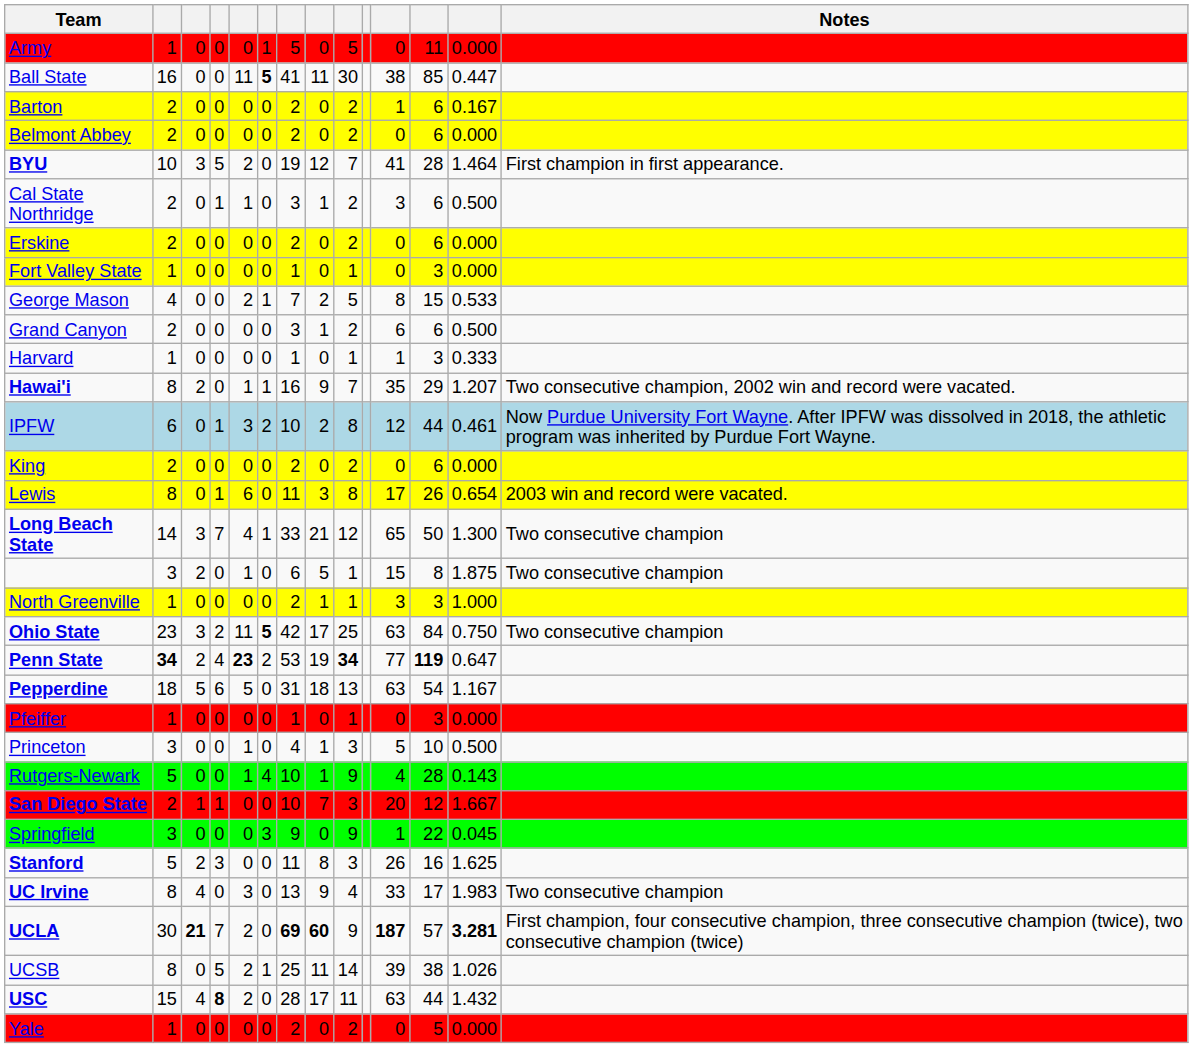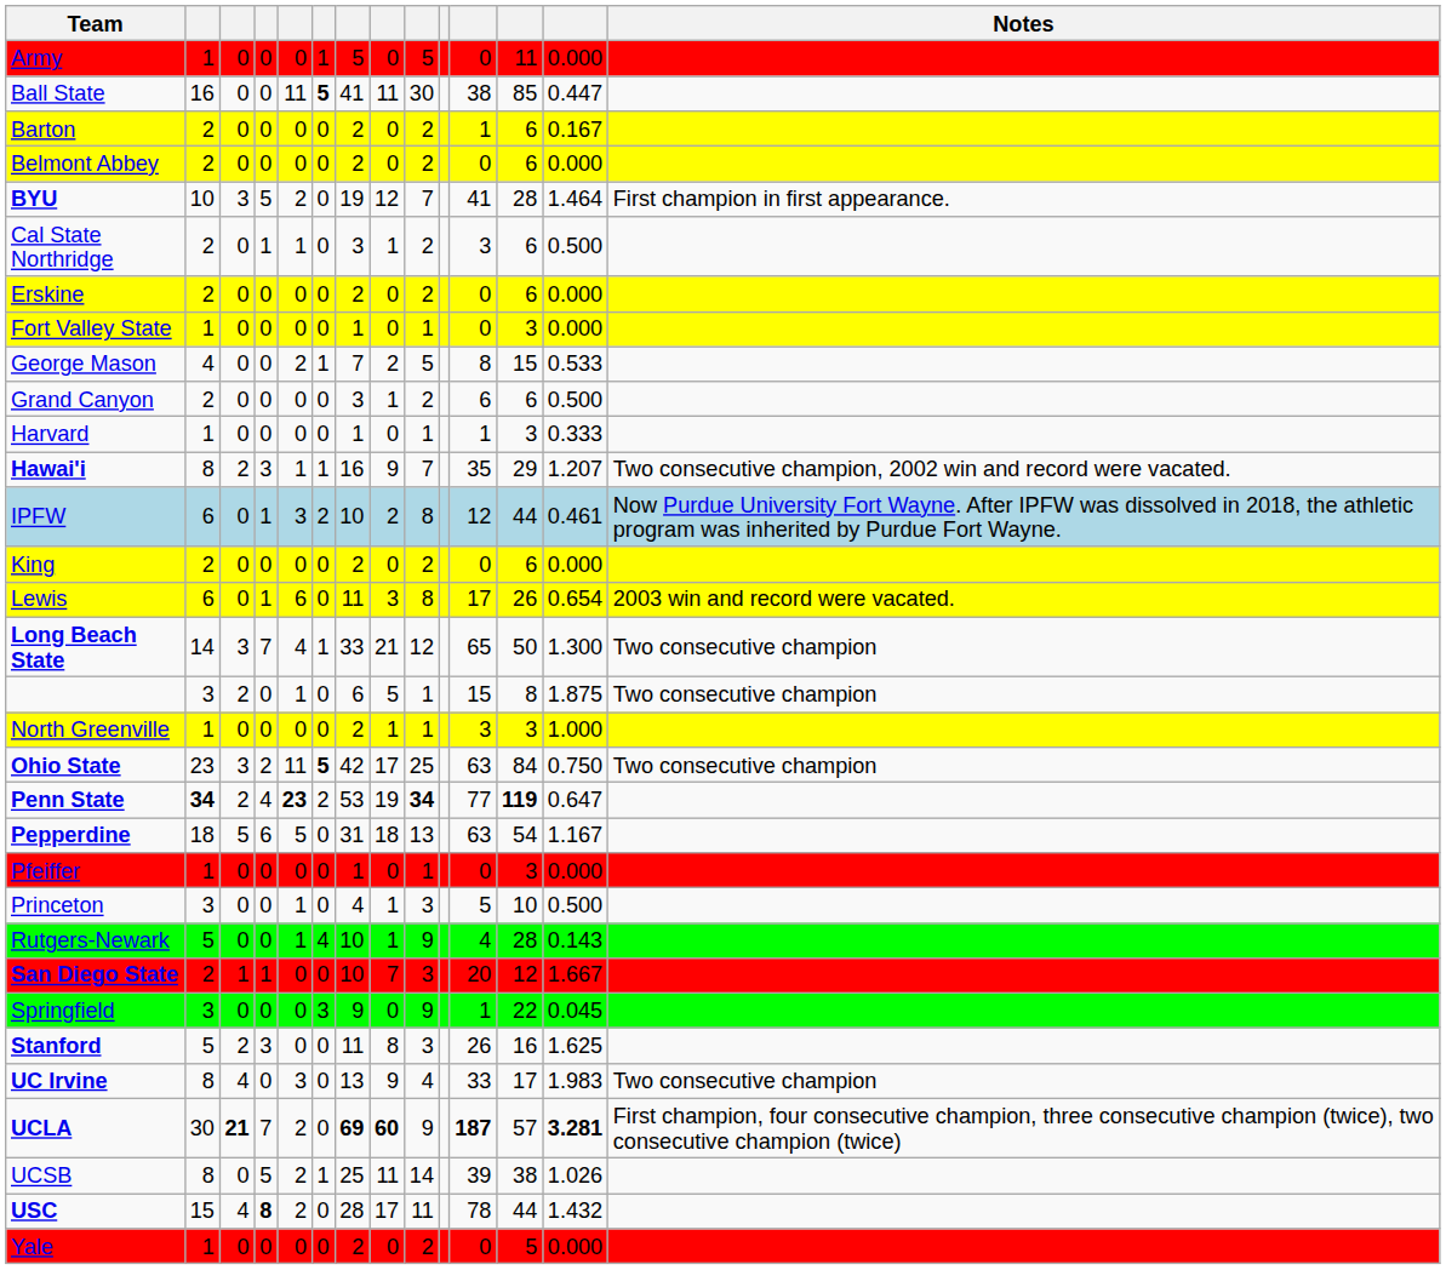 <table class="sortable wikitable" style="font-size: smaller; text-align:right">
 <tr>
 <th class="unsortable">Team</th>
 <th></th>
 <th></th>
 <th></th>
 <th></th>
 <th></th>
 <th></th>
 <th></th>
 <th></th>
 <th></th>
 <th></th>
 <th></th>
 <th></th>
 <th>Notes</th>
 </tr>
 <tr style="background:#FF0000">
 <td align="left"><a href='#'>Army</a></td>
 <td>1</td>
 <td>0</td>
 <td>0</td>
 <td>0</td>
 <td>1</td>
 <td>5</td>
 <td>0</td>
 <td>5</td>
 <td></td>
 <td>0</td>
 <td>11</td>
 <td>0.000</td>
 <td style="text-align:left"></td>
 </tr>
 <tr style="background:">
 <td align="left"><a href='#'>Ball State</a></td>
 <td>16</td>
 <td>0</td>
 <td>0</td>
 <td>11</td>
 <td><strong>5</strong></td>
 <td>41</td>
 <td>11</td>
 <td>30</td>
 <td></td>
 <td>38</td>
 <td>85</td>
 <td>0.447</td>
 <td style="text-align:left"></td>
 </tr>
 <tr style="background:#FFFF00">
 <td align="left"><a href='#'>Barton</a></td>
 <td>2</td>
 <td>0</td>
 <td>0</td>
 <td>0</td>
 <td>0</td>
 <td>2</td>
 <td>0</td>
 <td>2</td>
 <td></td>
 <td>1</td>
 <td>6</td>
 <td>0.167</td>
 <td style="text-align:left"></td>
 </tr>
 <tr style="background:#FFFF00">
 <td align="left"><a href='#'>Belmont Abbey</a></td>
 <td>2</td>
 <td>0</td>
 <td>0</td>
 <td>0</td>
 <td>0</td>
 <td>2</td>
 <td>0</td>
 <td>2</td>
 <td></td>
 <td>0</td>
 <td>6</td>
 <td>0.000</td>
 <td style="text-align:left"></td>
 </tr>
 <tr style="background:">
 <td align="left"><strong><a href='#'>BYU</a></strong></td>
 <td>10</td>
 <td>3</td>
 <td>5</td>
 <td>2</td>
 <td>0</td>
 <td>19</td>
 <td>12</td>
 <td>7</td>
 <td></td>
 <td>41</td>
 <td>28</td>
 <td>1.464</td>
 <td style="text-align:left">First champion in first appearance.</td>
 </tr>
 <tr style="background:">
 <td align="left"><a href='#'>Cal State Northridge</a></td>
 <td>2</td>
 <td>0</td>
 <td>1</td>
 <td>1</td>
 <td>0</td>
 <td>3</td>
 <td>1</td>
 <td>2</td>
 <td></td>
 <td>3</td>
 <td>6</td>
 <td>0.500</td>
 <td style="text-align:left"></td>
 </tr>
 <tr style="background:#FFFF00">
 <td align="left"><a href='#'>Erskine</a></td>
 <td>2</td>
 <td>0</td>
 <td>0</td>
 <td>0</td>
 <td>0</td>
 <td>2</td>
 <td>0</td>
 <td>2</td>
 <td></td>
 <td>0</td>
 <td>6</td>
 <td>0.000</td>
 <td style="text-align:left"></td>
 </tr>
 <tr style="background:#FFFF00">
 <td align="left"><a href='#'>Fort Valley State</a></td>
 <td>1</td>
 <td>0</td>
 <td>0</td>
 <td>0</td>
 <td>0</td>
 <td>1</td>
 <td>0</td>
 <td>1</td>
 <td></td>
 <td>0</td>
 <td>3</td>
 <td>0.000</td>
 <td style="text-align:left"></td>
 </tr>
 <tr style="background:">
 <td align="left"><a href='#'>George Mason</a></td>
 <td>4</td>
 <td>0</td>
 <td>0</td>
 <td>2</td>
 <td>1</td>
 <td>7</td>
 <td>2</td>
 <td>5</td>
 <td></td>
 <td>8</td>
 <td>15</td>
 <td>0.533</td>
 <td style="text-align:left"></td>
 </tr>
 <tr style="background:">
 <td align="left"><a href='#'>Grand Canyon</a></td>
 <td>2</td>
 <td>0</td>
 <td>0</td>
 <td>0</td>
 <td>0</td>
 <td>3</td>
 <td>1</td>
 <td>2</td>
 <td></td>
 <td>6</td>
 <td>6</td>
 <td>0.500</td>
 <td style="text-align:left"></td>
 </tr>
 <tr style="background:">
 <td align="left"><a href='#'>Harvard</a></td>
 <td>1</td>
 <td>0</td>
 <td>0</td>
 <td>0</td>
 <td>0</td>
 <td>1</td>
 <td>0</td>
 <td>1</td>
 <td></td>
 <td>1</td>
 <td>3</td>
 <td>0.333</td>
 <td style="text-align:left"></td>
 </tr>
 <tr style="background:">
 <td align="left"><strong><a href='#'>Hawai'i</a></strong></td>
 <td>8</td>
 <td>2</td>
-<td>0</td>
+<td>3</td>
 <td>1</td>
 <td>1</td>
 <td>16</td>
 <td>9</td>
 <td>7</td>
 <td></td>
 <td>35</td>
 <td>29</td>
 <td>1.207</td>
 <td style="text-align:left">Two consecutive champion, 2002 win and record were vacated.</td>
 </tr>
 <tr bgcolor=lightblue>
 <td align="left"><a href='#'>IPFW</a></td>
 <td>6</td>
 <td>0</td>
 <td>1</td>
 <td>3</td>
 <td>2</td>
 <td>10</td>
 <td>2</td>
 <td>8</td>
 <td></td>
 <td>12</td>
 <td>44</td>
 <td>0.461</td>
 <td style="text-align:left">Now <a href='#'>Purdue University Fort Wayne</a>. After IPFW was dissolved in 2018, the athletic program was inherited by Purdue Fort Wayne.</td>
 </tr>
 <tr style="background:#FFFF00">
 <td align="left"><a href='#'>King</a></td>
 <td>2</td>
 <td>0</td>
 <td>0</td>
 <td>0</td>
 <td>0</td>
 <td>2</td>
 <td>0</td>
 <td>2</td>
 <td></td>
 <td>0</td>
 <td>6</td>
 <td>0.000</td>
 <td style="text-align:left"></td>
 </tr>
 <tr style="background:#FFFF00">
 <td align="left"><a href='#'>Lewis</a></td>
-<td>8</td>
+<td>6</td>
 <td>0</td>
 <td>1</td>
 <td>6</td>
 <td>0</td>
 <td>11</td>
 <td>3</td>
 <td>8</td>
 <td></td>
 <td>17</td>
 <td>26</td>
 <td>0.654</td>
 <td style="text-align:left">2003 win and record were vacated.</td>
 </tr>
 <tr style="background:">
 <td align="left"><strong><a href='#'>Long Beach State</a></strong></td>
 <td>14</td>
 <td>3</td>
 <td>7</td>
 <td>4</td>
 <td>1</td>
 <td>33</td>
 <td>21</td>
 <td>12</td>
 <td></td>
 <td>65</td>
 <td>50</td>
 <td>1.300</td>
 <td style="text-align:left">Two consecutive champion</td>
 </tr>
 <tr style="background:">
 <td align="left"></td>
 <td>3</td>
 <td>2</td>
 <td>0</td>
 <td>1</td>
 <td>0</td>
 <td>6</td>
 <td>5</td>
 <td>1</td>
 <td></td>
 <td>15</td>
 <td>8</td>
 <td>1.875</td>
 <td style="text-align:left">Two consecutive champion</td>
 </tr>
 <tr style="background:#FFFF00">
 <td align="left"><a href='#'>North Greenville</a></td>
 <td>1</td>
 <td>0</td>
 <td>0</td>
 <td>0</td>
 <td>0</td>
 <td>2</td>
 <td>1</td>
 <td>1</td>
 <td></td>
 <td>3</td>
 <td>3</td>
 <td>1.000</td>
 <td style="text-align:left"></td>
 </tr>
 <tr style="background:">
 <td align="left"><strong><a href='#'>Ohio State</a></strong></td>
 <td>23</td>
 <td>3</td>
 <td>2</td>
 <td>11</td>
 <td><strong>5</strong></td>
 <td>42</td>
 <td>17</td>
 <td>25</td>
 <td></td>
 <td>63</td>
 <td>84</td>
 <td>0.750</td>
 <td style="text-align:left">Two consecutive champion</td>
 </tr>
 <tr style="background:">
 <td align="left"><strong><a href='#'>Penn State</a></strong></td>
 <td><strong>34</strong></td>
 <td>2</td>
 <td>4</td>
 <td><strong>23</strong></td>
 <td>2</td>
 <td>53</td>
 <td>19</td>
 <td><strong>34</strong></td>
 <td></td>
 <td>77</td>
 <td><strong>119</strong></td>
 <td>0.647</td>
 <td style="text-align:left"></td>
 </tr>
 <tr style="background:">
 <td align="left"><strong><a href='#'>Pepperdine</a></strong></td>
 <td>18</td>
 <td>5</td>
 <td>6</td>
 <td>5</td>
 <td>0</td>
 <td>31</td>
 <td>18</td>
 <td>13</td>
 <td></td>
 <td>63</td>
 <td>54</td>
 <td>1.167</td>
 <td style="text-align:left"></td>
 </tr>
 <tr style="background:#FF0000">
 <td align="left"><a href='#'>Pfeiffer</a></td>
 <td>1</td>
 <td>0</td>
 <td>0</td>
 <td>0</td>
 <td>0</td>
 <td>1</td>
 <td>0</td>
 <td>1</td>
 <td></td>
 <td>0</td>
 <td>3</td>
 <td>0.000</td>
 <td style="text-align:left"></td>
 </tr>
 <tr style="background:">
 <td align="left"><a href='#'>Princeton</a></td>
 <td>3</td>
 <td>0</td>
 <td>0</td>
 <td>1</td>
 <td>0</td>
 <td>4</td>
 <td>1</td>
 <td>3</td>
 <td></td>
 <td>5</td>
 <td>10</td>
 <td>0.500</td>
 <td style="text-align:left"></td>
 </tr>
 <tr style="background:#00FF00">
 <td align="left"><a href='#'>Rutgers-Newark</a></td>
 <td>5</td>
 <td>0</td>
 <td>0</td>
 <td>1</td>
 <td>4</td>
 <td>10</td>
 <td>1</td>
 <td>9</td>
 <td></td>
 <td>4</td>
 <td>28</td>
 <td>0.143</td>
 <td style="text-align:left"></td>
 </tr>
 <tr style="background:#FF0000">
 <td align="left"><strong><a href='#'>San Diego State</a></strong></td>
 <td>2</td>
 <td>1</td>
 <td>1</td>
 <td>0</td>
 <td>0</td>
 <td>10</td>
 <td>7</td>
 <td>3</td>
 <td></td>
 <td>20</td>
 <td>12</td>
 <td>1.667</td>
 <td style="text-align:left"></td>
 </tr>
 <tr style="background:#00FF00">
 <td align="left"><a href='#'>Springfield</a></td>
 <td>3</td>
 <td>0</td>
 <td>0</td>
 <td>0</td>
 <td>3</td>
 <td>9</td>
 <td>0</td>
 <td>9</td>
 <td></td>
 <td>1</td>
 <td>22</td>
 <td>0.045</td>
 <td style="text-align:left"></td>
 </tr>
 <tr style="background:">
 <td align="left"><strong><a href='#'>Stanford</a></strong></td>
 <td>5</td>
 <td>2</td>
 <td>3</td>
 <td>0</td>
 <td>0</td>
 <td>11</td>
 <td>8</td>
 <td>3</td>
 <td></td>
 <td>26</td>
 <td>16</td>
 <td>1.625</td>
 <td style="text-align:left"></td>
 </tr>
 <tr style="background:">
 <td align="left"><strong><a href='#'>UC Irvine</a></strong></td>
 <td>8</td>
 <td>4</td>
 <td>0</td>
 <td>3</td>
 <td>0</td>
 <td>13</td>
 <td>9</td>
 <td>4</td>
 <td></td>
 <td>33</td>
 <td>17</td>
 <td>1.983</td>
 <td style="text-align:left">Two consecutive champion</td>
 </tr>
 <tr style="background:">
 <td align="left"><strong><a href='#'>UCLA</a></strong></td>
 <td>30</td>
 <td><strong>21</strong></td>
 <td>7</td>
 <td>2</td>
 <td>0</td>
 <td><strong>69</strong></td>
 <td><strong>60</strong></td>
 <td>9</td>
 <td><strong></strong></td>
 <td><strong>187</strong></td>
 <td>57</td>
 <td><strong>3.281</strong></td>
 <td style="text-align:left">First champion, four consecutive champion, three consecutive champion (twice), two consecutive champion (twice)</td>
 </tr>
 <tr style="background:">
 <td align="left"><a href='#'>UCSB</a></td>
 <td>8</td>
 <td>0</td>
 <td>5</td>
 <td>2</td>
 <td>1</td>
 <td>25</td>
 <td>11</td>
 <td>14</td>
 <td></td>
 <td>39</td>
 <td>38</td>
 <td>1.026</td>
 <td style="text-align:left"></td>
 </tr>
 <tr style="background:">
 <td align="left"><strong><a href='#'>USC</a></strong></td>
 <td>15</td>
 <td>4</td>
 <td><strong>8</strong></td>
 <td>2</td>
 <td>0</td>
 <td>28</td>
 <td>17</td>
 <td>11</td>
 <td></td>
-<td>63</td>
+<td>78</td>
 <td>44</td>
 <td>1.432</td>
 <td style="text-align:left"></td>
 </tr>
 <tr style="background:#FF0000">
 <td align="left"><a href='#'>Yale</a></td>
 <td>1</td>
 <td>0</td>
 <td>0</td>
 <td>0</td>
 <td>0</td>
 <td>2</td>
 <td>0</td>
 <td>2</td>
 <td></td>
 <td>0</td>
 <td>5</td>
 <td>0.000</td>
 <td style="text-align:left"></td>
 </tr>
 </table>
